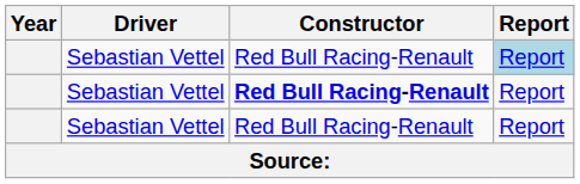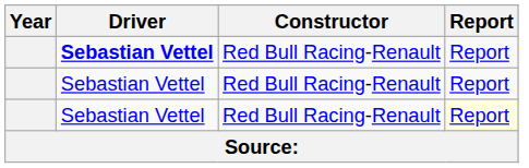 <table class="wikitable" style="font-size: 95%;">
 <tr>
 <th>Year</th>
 <th>Driver</th>
 <th>Constructor</th>
 <th>Report</th>
 </tr>
 <tr>
 <th></th>
-<td> <a href='#'>Sebastian Vettel</a></td>
+<td><strong> <a href='#'>Sebastian Vettel</a></strong></td>
 <td><a href='#'>Red Bull Racing</a>-<a href='#'>Renault</a></td>
-<td style="background: lightblue;"><a href='#'>Report</a></td>
-</tr>
-<tr>
-<th></th>
-<td> <a href='#'>Sebastian Vettel</a></td>
-<td><strong><a href='#'>Red Bull Racing</a>-<a href='#'>Renault</a></strong></td>
 <td><a href='#'>Report</a></td>
 </tr>
 <tr>
 <th></th>
 <td> <a href='#'>Sebastian Vettel</a></td>
 <td><a href='#'>Red Bull Racing</a>-<a href='#'>Renault</a></td>
 <td><a href='#'>Report</a></td>
 </tr>
 <tr>
+<th></th>
+<td> <a href='#'>Sebastian Vettel</a></td>
+<td><a href='#'>Red Bull Racing</a>-<a href='#'>Renault</a></td>
+<td style="background: lightyellow;"><a href='#'>Report</a></td>
+</tr>
+<tr>
 <th colspan=4>Source:</th>
 </tr>
 </table>
